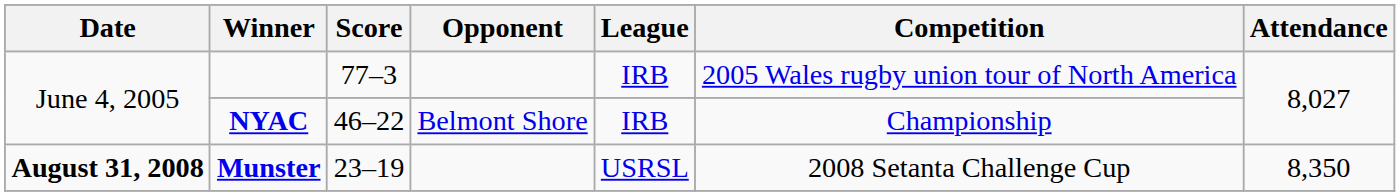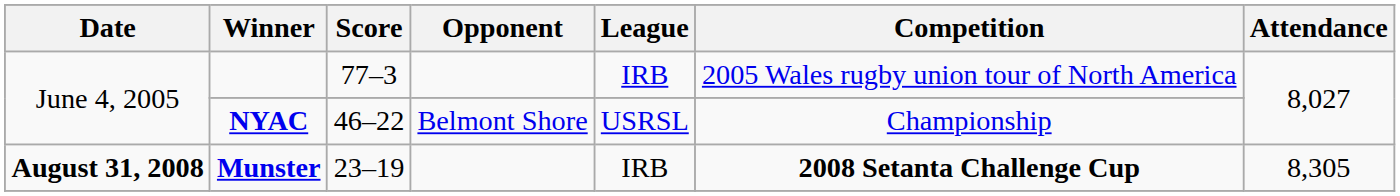 <table class="wikitable" style="font-size: 95%;text-align: center;">
 <tr>
 <th>Date</th>
 <th>Winner</th>
 <th>Score</th>
 <th>Opponent</th>
 <th>League</th>
 <th>Competition</th>
 <th>Attendance</th>
 </tr>
 <tr>
 <td rowspan=2>June 4, 2005</td>
 <td><strong></strong></td>
 <td>77–3</td>
 <td></td>
 <td><a href='#'>IRB</a></td>
 <td><a href='#'>2005 Wales rugby union tour of North America</a></td>
 <td rowspan=2>8,027</td>
 </tr>
 <tr>
 <td><strong><a href='#'>NYAC</a></strong> </td>
 <td>46–22</td>
 <td> <a href='#'>Belmont Shore</a></td>
-<td><a href='#'>IRB</a></td>
+<td><a href='#'>USRSL</a></td>
 <td><a href='#'>Championship</a></td>
 </tr>
 <tr>
 <td><strong>August 31, 2008</strong></td>
 <td><strong><a href='#'>Munster</a> </strong></td>
 <td>23–19</td>
 <td></td>
-<td><a href='#'>USRSL</a></td>
-<td>2008 Setanta Challenge Cup</td>
-<td>8,350</td>
+<td>IRB</td>
+<td><strong>2008 Setanta Challenge Cup</strong></td>
+<td>8,305</td>
 </tr>
 </table>
